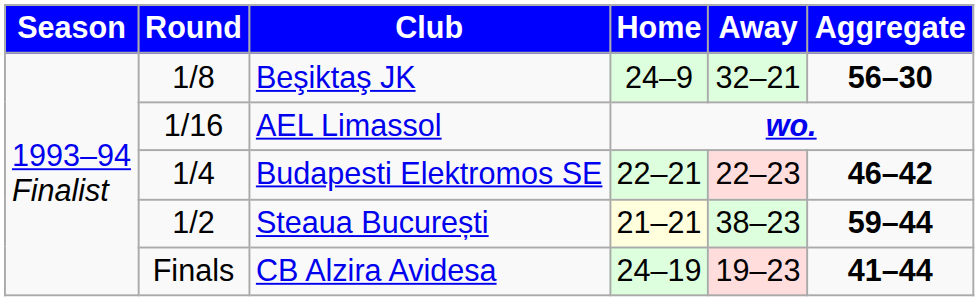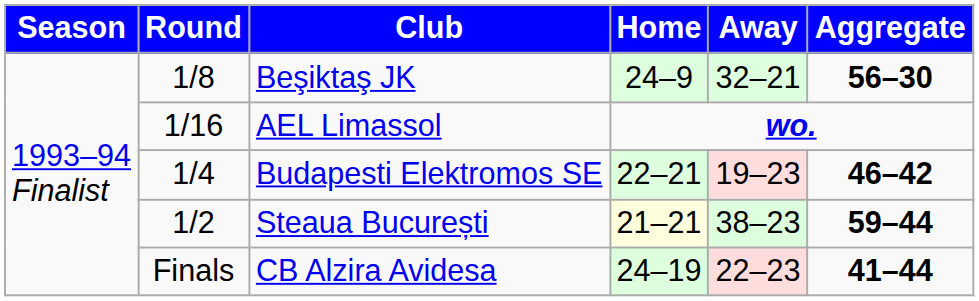 <table class="wikitable">
 <tr>
 <th style="color:white; background:#0000FF">Season</th>
 <th style="color:white; background:#0000FF">Round</th>
 <th style="color:white; background:#0000FF">Club</th>
 <th style="color:white; background:#0000FF">Home</th>
 <th style="color:white; background:#0000FF">Away</th>
 <th style="color:white; background:#0000FF">Aggregate</th>
 </tr>
 <tr>
 <td rowspan=5><a href='#'>1993–94</a><br> <em>Finalist</em></td>
 <td align=center>1/8</td>
 <td> <a href='#'>Beşiktaş JK</a></td>
 <td style="text-align:center; background:#dfd;">24–9</td>
 <td style="text-align:center; background:#dfd;">32–21</td>
 <td style="text-align:center;"><strong>56–30</strong></td>
 </tr>
 <tr>
 <td align=center>1/16</td>
 <td> <a href='#'>AEL Limassol</a></td>
 <td colspan=3; style="text-align:center;"><strong><em><a href='#'>wo.</a></em></strong></td>
 </tr>
 <tr>
 <td align=center>1/4</td>
 <td> <a href='#'>Budapesti Elektromos SE</a></td>
 <td style="text-align:center; background:#dfd;">22–21</td>
-<td style="text-align:center; background:#fdd;">22–23</td>
+<td style="text-align:center; background:#fdd;">19–23</td>
 <td style="text-align:center;"><strong>46–42</strong></td>
 </tr>
 <tr>
 <td align=center>1/2</td>
 <td> <a href='#'>Steaua București</a></td>
 <td style="text-align:center; background:#ffd;">21–21</td>
 <td style="text-align:center; background:#dfd;">38–23</td>
 <td style="text-align:center;"><strong>59–44</strong></td>
 </tr>
 <tr>
 <td align=center>Finals</td>
 <td> <a href='#'>CB Alzira Avidesa</a></td>
 <td style="text-align:center; background:#dfd;">24–19</td>
-<td style="text-align:center; background:#fdd;">19–23</td>
+<td style="text-align:center; background:#fdd;">22–23</td>
 <td style="text-align:center;"><strong>41–44</strong></td>
 </tr>
 </table>
